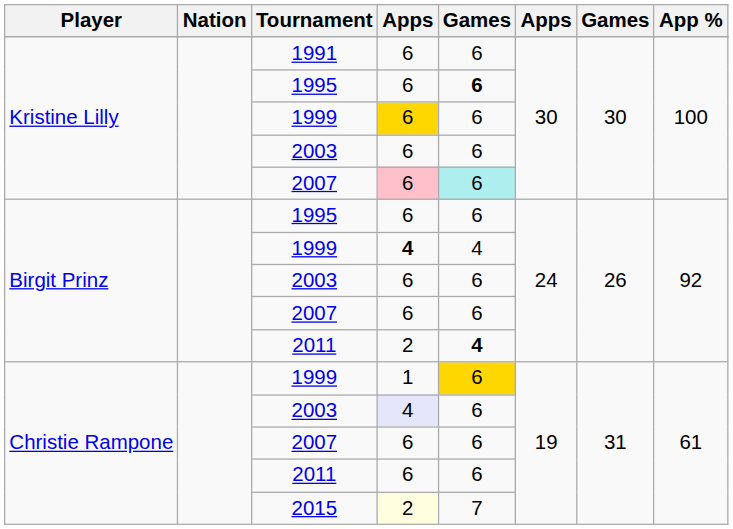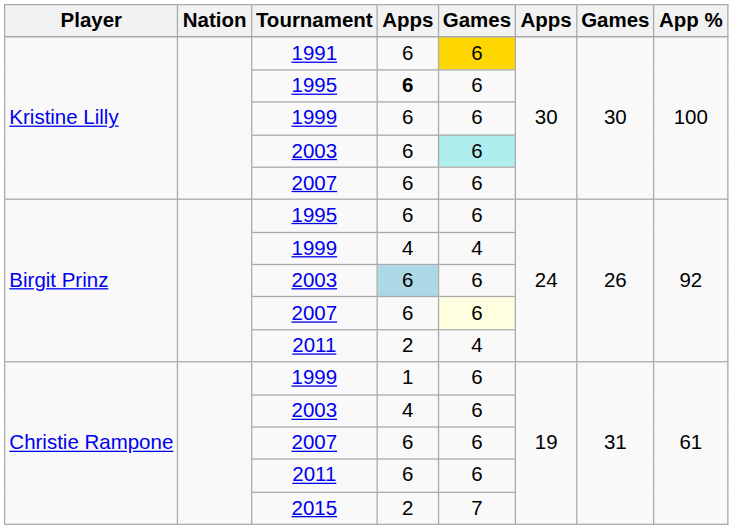 <table class="wikitable sortable" style="text-align: center;">
 <tr>
 <th>Player</th>
 <th>Nation</th>
 <th class = "unsortable">Tournament</th>
 <th class = "unsortable">Apps</th>
 <th class = "unsortable">Games</th>
 <th>Apps</th>
 <th>Games</th>
 <th>App %</th>
 </tr>
 <tr>
 </tr>
 <tr>
 <td rowspan = "5" align = "left"><a href='#'>Kristine Lilly</a></td>
 <td rowspan = "5" align = "left"></td>
 <td><a href='#'>1991</a></td>
 <td>6</td>
-<td>6</td>
+<td style="background: gold;">6</td>
 <td rowspan = "5">30</td>
 <td rowspan = "5">30</td>
 <td rowspan = "5">100</td>
 </tr>
 <tr>
 <td><a href='#'>1995</a></td>
+<td><strong>6</strong></td>
 <td>6</td>
-<td><strong>6</strong></td>
 </tr>
 <tr>
 <td><a href='#'>1999</a></td>
-<td style="background: gold;">6</td>
+<td>6</td>
 <td>6</td>
 </tr>
 <tr>
 <td><a href='#'>2003</a></td>
 <td>6</td>
-<td>6</td>
+<td style="background: paleturquoise;">6</td>
 </tr>
 <tr>
 <td><a href='#'>2007</a></td>
-<td style="background: pink;">6</td>
-<td style="background: paleturquoise;">6</td>
+<td>6</td>
+<td>6</td>
 </tr>
 <tr>
 <td rowspan = "5" align = "left"><a href='#'>Birgit Prinz</a></td>
 <td rowspan = "5" align = "left"></td>
 <td><a href='#'>1995</a></td>
 <td>6</td>
 <td>6</td>
 <td rowspan = "5">24</td>
 <td rowspan = "5">26</td>
 <td rowspan = "5">92</td>
 </tr>
 <tr>
 <td><a href='#'>1999</a></td>
-<td><strong>4</strong></td>
+<td>4</td>
 <td>4</td>
 </tr>
 <tr>
 <td><a href='#'>2003</a></td>
-<td>6</td>
+<td style="background: lightblue;">6</td>
 <td>6</td>
 </tr>
 <tr>
 <td><a href='#'>2007</a></td>
 <td>6</td>
-<td>6</td>
+<td style="background: lightyellow;">6</td>
 </tr>
 <tr>
 <td><a href='#'>2011</a></td>
 <td>2</td>
-<td><strong>4</strong></td>
+<td>4</td>
 </tr>
 <tr>
 <td rowspan = "5" align = "left"><a href='#'>Christie Rampone</a></td>
 <td rowspan = "5" align = "left"></td>
 <td><a href='#'>1999</a></td>
 <td>1</td>
-<td style="background: gold;">6</td>
+<td>6</td>
 <td rowspan = "5">19</td>
 <td rowspan = "5">31</td>
 <td rowspan = "5">61</td>
 </tr>
 <tr>
 <td><a href='#'>2003</a></td>
-<td style="background: lavender;">4</td>
+<td>4</td>
 <td>6</td>
 </tr>
 <tr>
 <td><a href='#'>2007</a></td>
 <td>6</td>
 <td>6</td>
 </tr>
 <tr>
 <td><a href='#'>2011</a></td>
 <td>6</td>
 <td>6</td>
 </tr>
 <tr>
 <td><a href='#'>2015</a></td>
-<td style="background: lightyellow;">2</td>
+<td>2</td>
 <td>7</td>
 </tr>
 </table>
